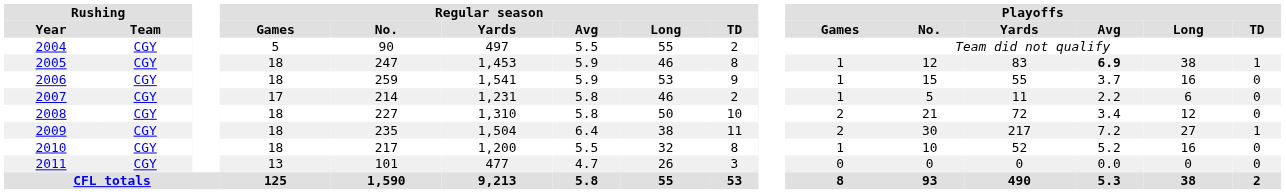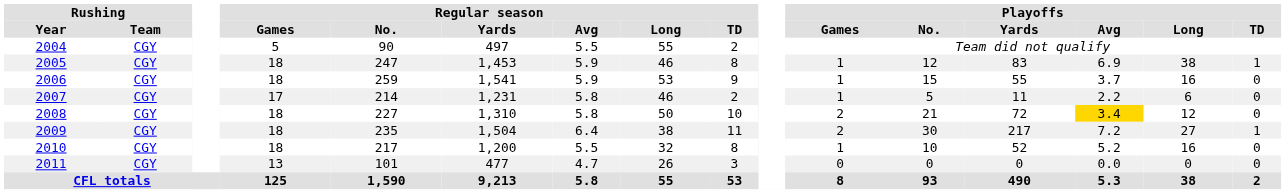 <table BORDER="0" CELLPADDING="1" CELLSPACING="0" width="65%" style="text-align:center">
 <tr bgcolor="#e0e0e0">
 <th colspan="2">Rushing</th>
 <th rowspan="99" bgcolor="#ffffff"> </th>
 <th colspan="6">Regular season</th>
 <th rowspan="99" bgcolor="#ffffff"> </th>
 <th colspan="6">Playoffs</th>
 </tr>
 <tr bgcolor="#e0e0e0">
 <th>Year</th>
 <th>Team</th>
 <th>Games</th>
 <th>No.</th>
 <th>Yards</th>
 <th>Avg</th>
 <th>Long</th>
 <th>TD</th>
 <th>Games</th>
 <th>No.</th>
 <th>Yards</th>
 <th>Avg</th>
 <th>Long</th>
 <th>TD</th>
 </tr>
 <tr ALIGN="center">
 <td><a href='#'>2004</a></td>
 <td><a href='#'>CGY</a></td>
 <td>5</td>
 <td>90</td>
 <td>497</td>
 <td>5.5</td>
 <td>55</td>
 <td>2</td>
 <td colspan="6"><em>Team did not qualify</em></td>
 </tr>
 <tr ALIGN="center" bgcolor="#f0f0f0">
 <td><a href='#'>2005</a></td>
 <td><a href='#'>CGY</a></td>
 <td>18</td>
 <td>247</td>
 <td>1,453</td>
 <td>5.9</td>
 <td>46</td>
 <td>8</td>
 <td>1</td>
 <td>12</td>
 <td>83</td>
-<td><strong>6.9</strong></td>
+<td>6.9</td>
 <td>38</td>
 <td>1</td>
 </tr>
 <tr ALIGN="center">
 <td><a href='#'>2006</a></td>
 <td><a href='#'>CGY</a></td>
 <td>18</td>
 <td>259</td>
 <td>1,541</td>
 <td>5.9</td>
 <td>53</td>
 <td>9</td>
 <td>1</td>
 <td>15</td>
 <td>55</td>
 <td>3.7</td>
 <td>16</td>
 <td>0</td>
 </tr>
 <tr ALIGN="center" bgcolor="#f0f0f0">
 <td><a href='#'>2007</a></td>
 <td><a href='#'>CGY</a></td>
 <td>17</td>
 <td>214</td>
 <td>1,231</td>
 <td>5.8</td>
 <td>46</td>
 <td>2</td>
 <td>1</td>
 <td>5</td>
 <td>11</td>
 <td>2.2</td>
 <td>6</td>
 <td>0</td>
 </tr>
 <tr ALIGN="center">
 <td><a href='#'>2008</a></td>
 <td><a href='#'>CGY</a></td>
 <td>18</td>
 <td>227</td>
 <td>1,310</td>
 <td>5.8</td>
 <td>50</td>
 <td>10</td>
 <td>2</td>
 <td>21</td>
 <td>72</td>
-<td>3.4</td>
+<td style="background: gold;">3.4</td>
 <td>12</td>
 <td>0</td>
 </tr>
 <tr ALIGN="center" bgcolor="#f0f0f0">
 <td><a href='#'>2009</a></td>
 <td><a href='#'>CGY</a></td>
 <td>18</td>
 <td>235</td>
 <td>1,504</td>
 <td>6.4</td>
 <td>38</td>
 <td>11</td>
 <td>2</td>
 <td>30</td>
 <td>217</td>
 <td>7.2</td>
 <td>27</td>
 <td>1</td>
 </tr>
 <tr ALIGN="center">
 <td><a href='#'>2010</a></td>
 <td><a href='#'>CGY</a></td>
 <td>18</td>
 <td>217</td>
 <td>1,200</td>
 <td>5.5</td>
 <td>32</td>
 <td>8</td>
 <td>1</td>
 <td>10</td>
 <td>52</td>
 <td>5.2</td>
 <td>16</td>
 <td>0</td>
 </tr>
 <tr ALIGN="center" bgcolor="#f0f0f0">
 <td><a href='#'>2011</a></td>
 <td><a href='#'>CGY</a></td>
 <td>13</td>
 <td>101</td>
 <td>477</td>
 <td>4.7</td>
 <td>26</td>
 <td>3</td>
 <td>0</td>
 <td>0</td>
 <td>0</td>
 <td>0.0</td>
 <td>0</td>
 <td>0</td>
 </tr>
 <tr bgcolor="#e0e0e0">
 <th colspan="3"><a href='#'>CFL totals</a></th>
 <th>125</th>
 <th>1,590</th>
 <th>9,213</th>
 <th>5.8</th>
 <th>55</th>
 <th>53</th>
 <th>8</th>
 <th>93</th>
 <th>490</th>
 <th>5.3</th>
 <th>38</th>
 <th>2</th>
 </tr>
 </table>
